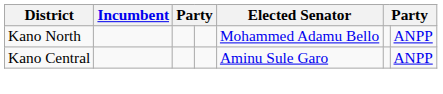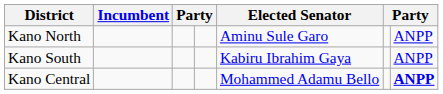 <table class="sortable wikitable" style="font-size:95%;line-height:14px;">
 <tr>
 <th class="unsortable">District</th>
 <th class="unsortable"><a href='#'>Incumbent</a></th>
 <th colspan="2">Party</th>
 <th class="unsortable">Elected Senator</th>
 <th colspan="2">Party</th>
 </tr>
 <tr>
 <td>Kano North</td>
 <td></td>
 <td></td>
 <td></td>
-<td><a href='#'>Mohammed Adamu Bello</a></td>
+<td><a href='#'>Aminu Sule Garo</a></td>
+<td style="background:"></td>
+<td><a href='#'>ANPP</a></td>
+</tr>
+<tr>
+<td>Kano South</td>
+<td></td>
+<td></td>
+<td></td>
+<td><a href='#'>Kabiru Ibrahim Gaya</a></td>
 <td style="background:"></td>
 <td><a href='#'>ANPP</a></td>
 </tr>
 <tr>
 <td>Kano Central</td>
 <td></td>
 <td></td>
 <td></td>
-<td><a href='#'>Aminu Sule Garo</a></td>
+<td><a href='#'>Mohammed Adamu Bello</a></td>
 <td style="background:"></td>
-<td><a href='#'>ANPP</a></td>
+<td><strong><a href='#'>ANPP</a></strong></td>
 </tr>
 </table>
